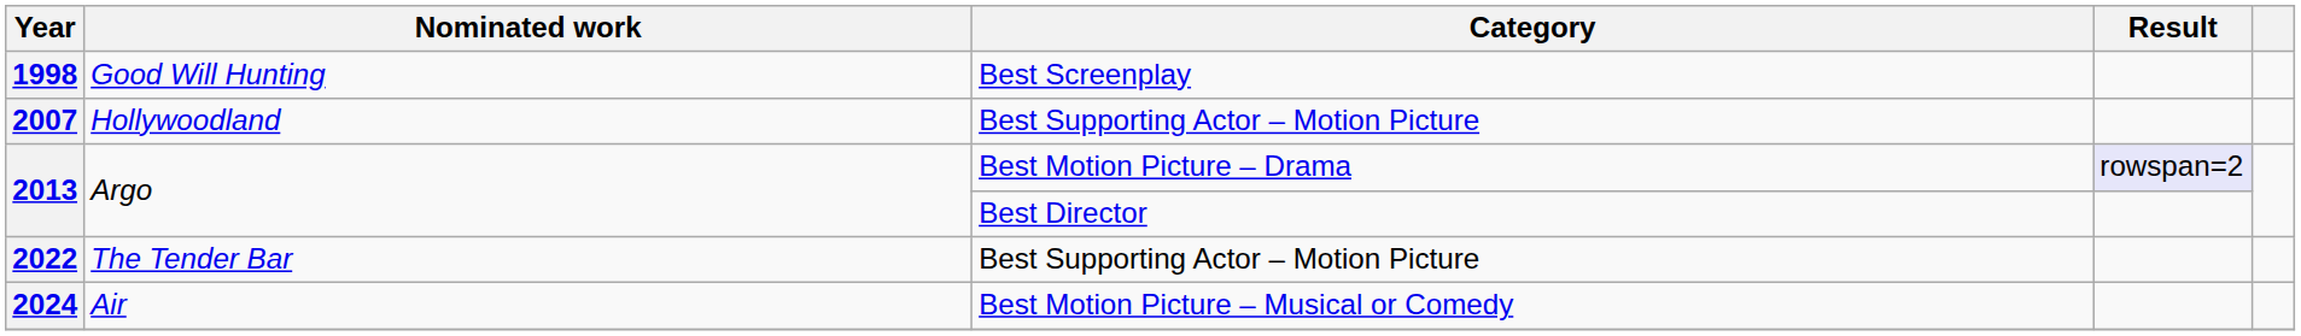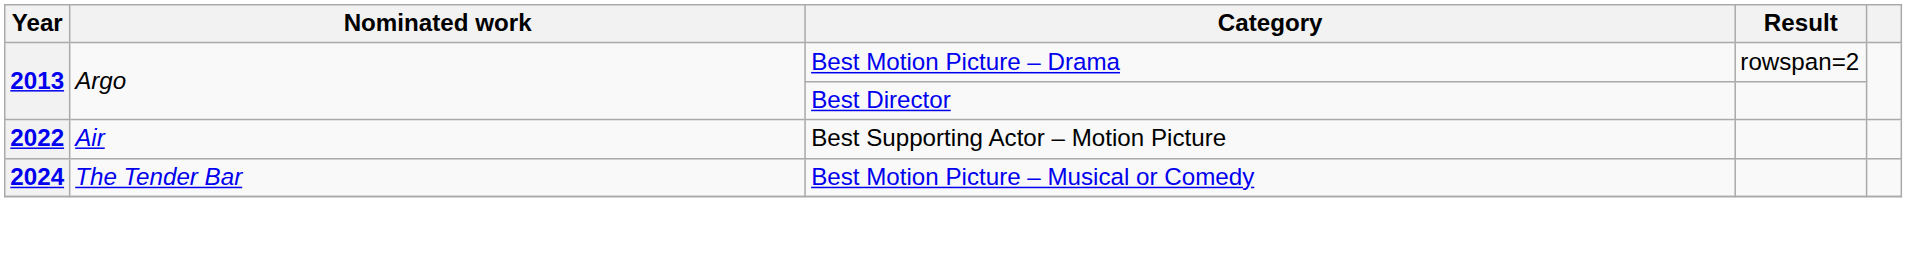 <table class=wikitable>
 <tr>
 <th scope="col" style="width:1em;">Year</th>
 <th scope="col" style="width:30em;">Nominated work</th>
 <th scope="col" style="width:38em;">Category</th>
 <th scope="col" style="width:5em;">Result</th>
 <th scope="col" style="width:1em;"></th>
 </tr>
 <tr>
-<th scope="row"><a href='#'>1998</a></th>
-<td><em><a href='#'>Good Will Hunting</a></em></td>
-<td><a href='#'>Best Screenplay</a></td>
-<td></td>
-<td style="text-align:center;"></td>
-</tr>
-<tr>
-<th scope="row"><a href='#'>2007</a></th>
-<td><em><a href='#'>Hollywoodland</a></em></td>
-<td><a href='#'>Best Supporting Actor – Motion Picture</a></td>
-<td></td>
-<td style="text-align:center;"></td>
-</tr>
-<tr>
 <th scope="row" rowspan=2><a href='#'>2013</a></th>
 <td rowspan=2><em>Argo</em></td>
 <td><a href='#'>Best Motion Picture – Drama</a></td>
-<td style="background: lavender;">rowspan=2 </td>
+<td>rowspan=2 </td>
 <td rowspan=2 style="text-align:center;"></td>
 </tr>
 <tr>
 <td><a href='#'>Best Director</a></td>
 </tr>
 <tr>
 <th scope="row"><a href='#'>2022</a></th>
-<td><em><a href='#'>The Tender Bar</a></em></td>
+<td><em><a href='#'>Air</a></em></td>
 <td>Best Supporting Actor – Motion Picture</td>
 <td></td>
 <td></td>
 </tr>
 <tr>
 <th scope="row"><a href='#'>2024</a></th>
-<td><em><a href='#'>Air</a></em></td>
+<td><em><a href='#'>The Tender Bar</a></em></td>
 <td><a href='#'>Best Motion Picture – Musical or Comedy</a></td>
 <td></td>
 <td></td>
 </tr>
 <tr>
 </tr>
 </table>
